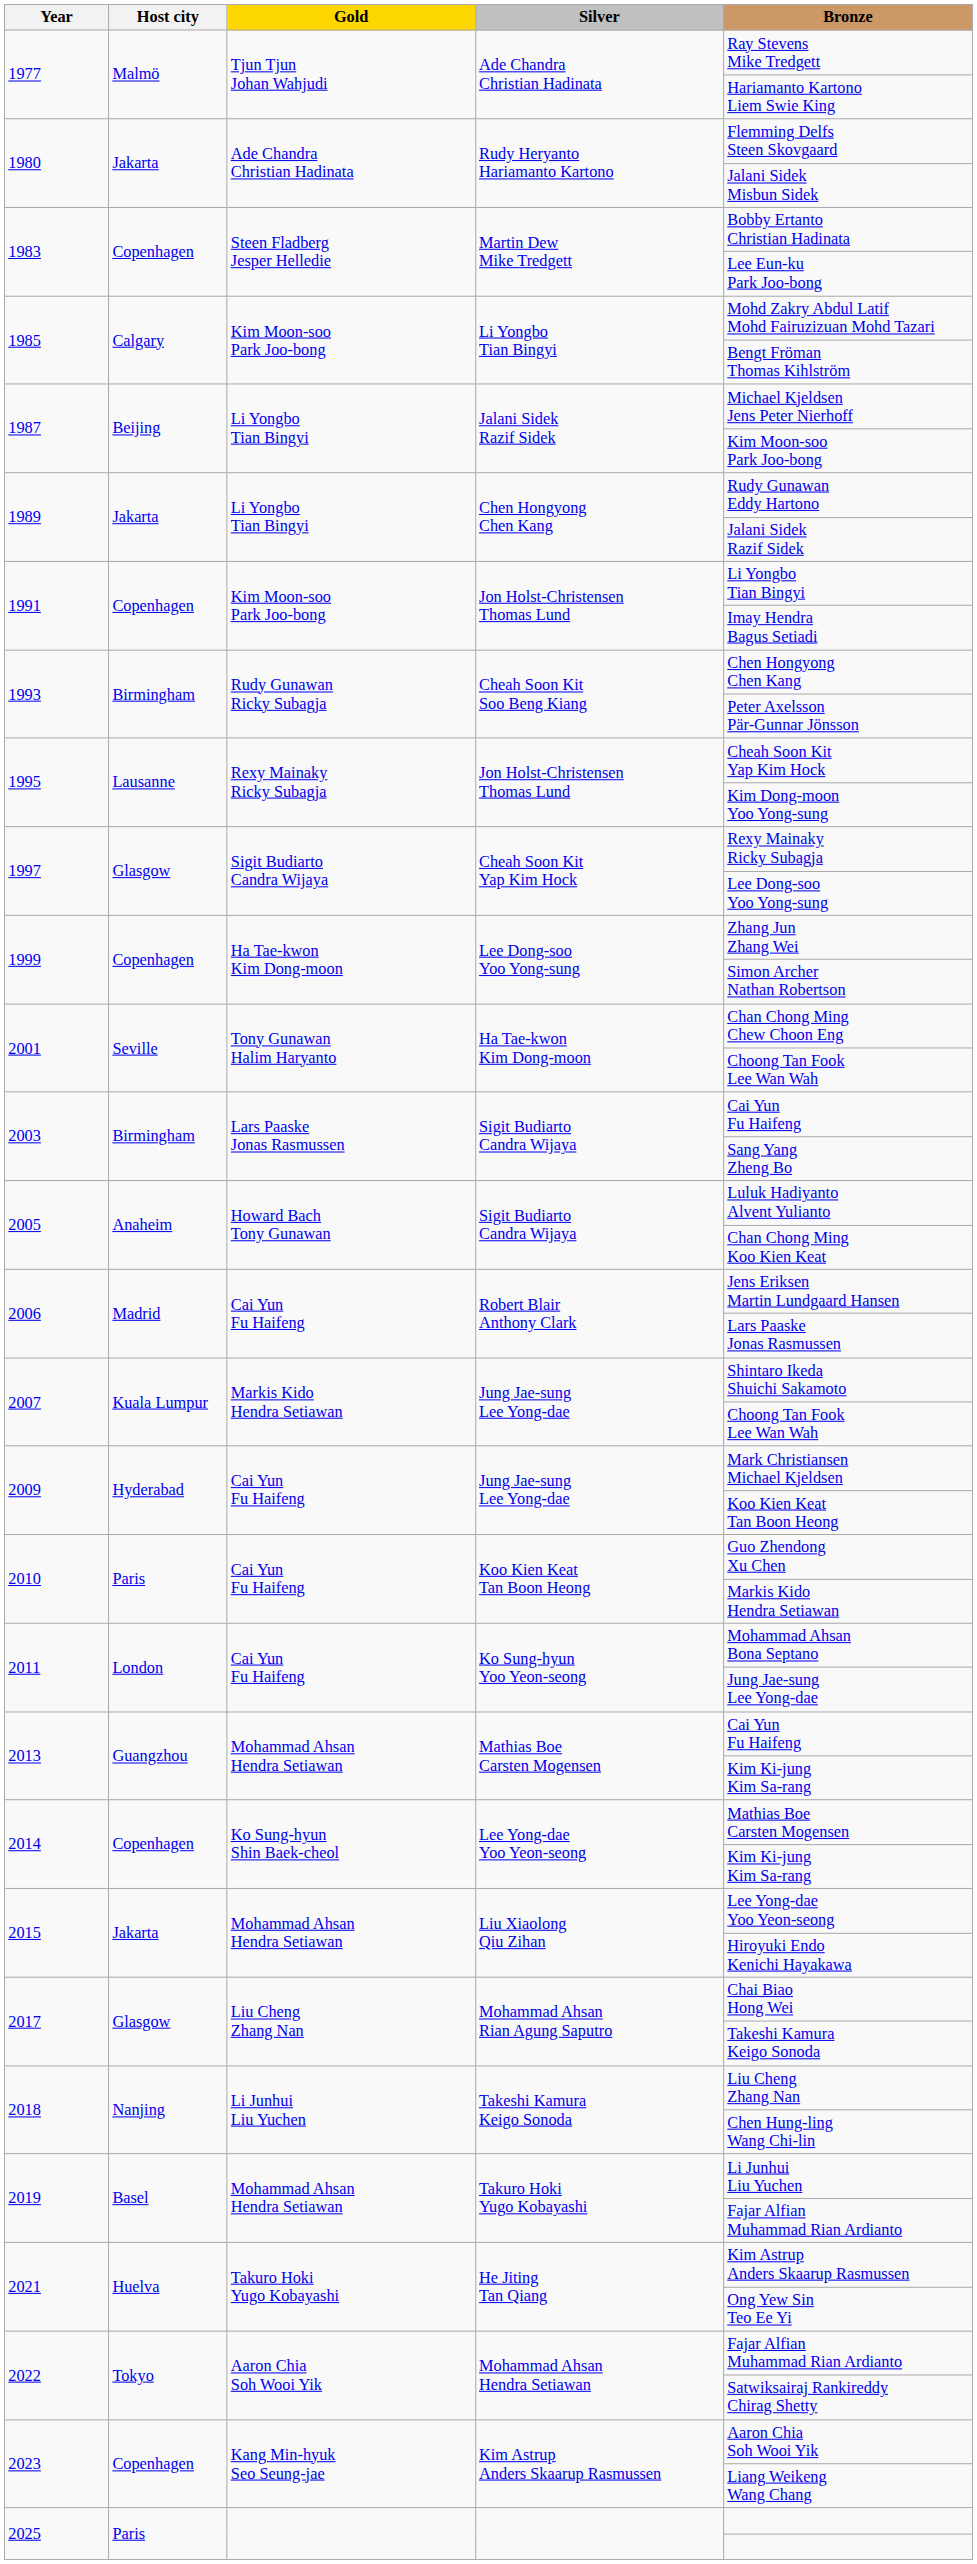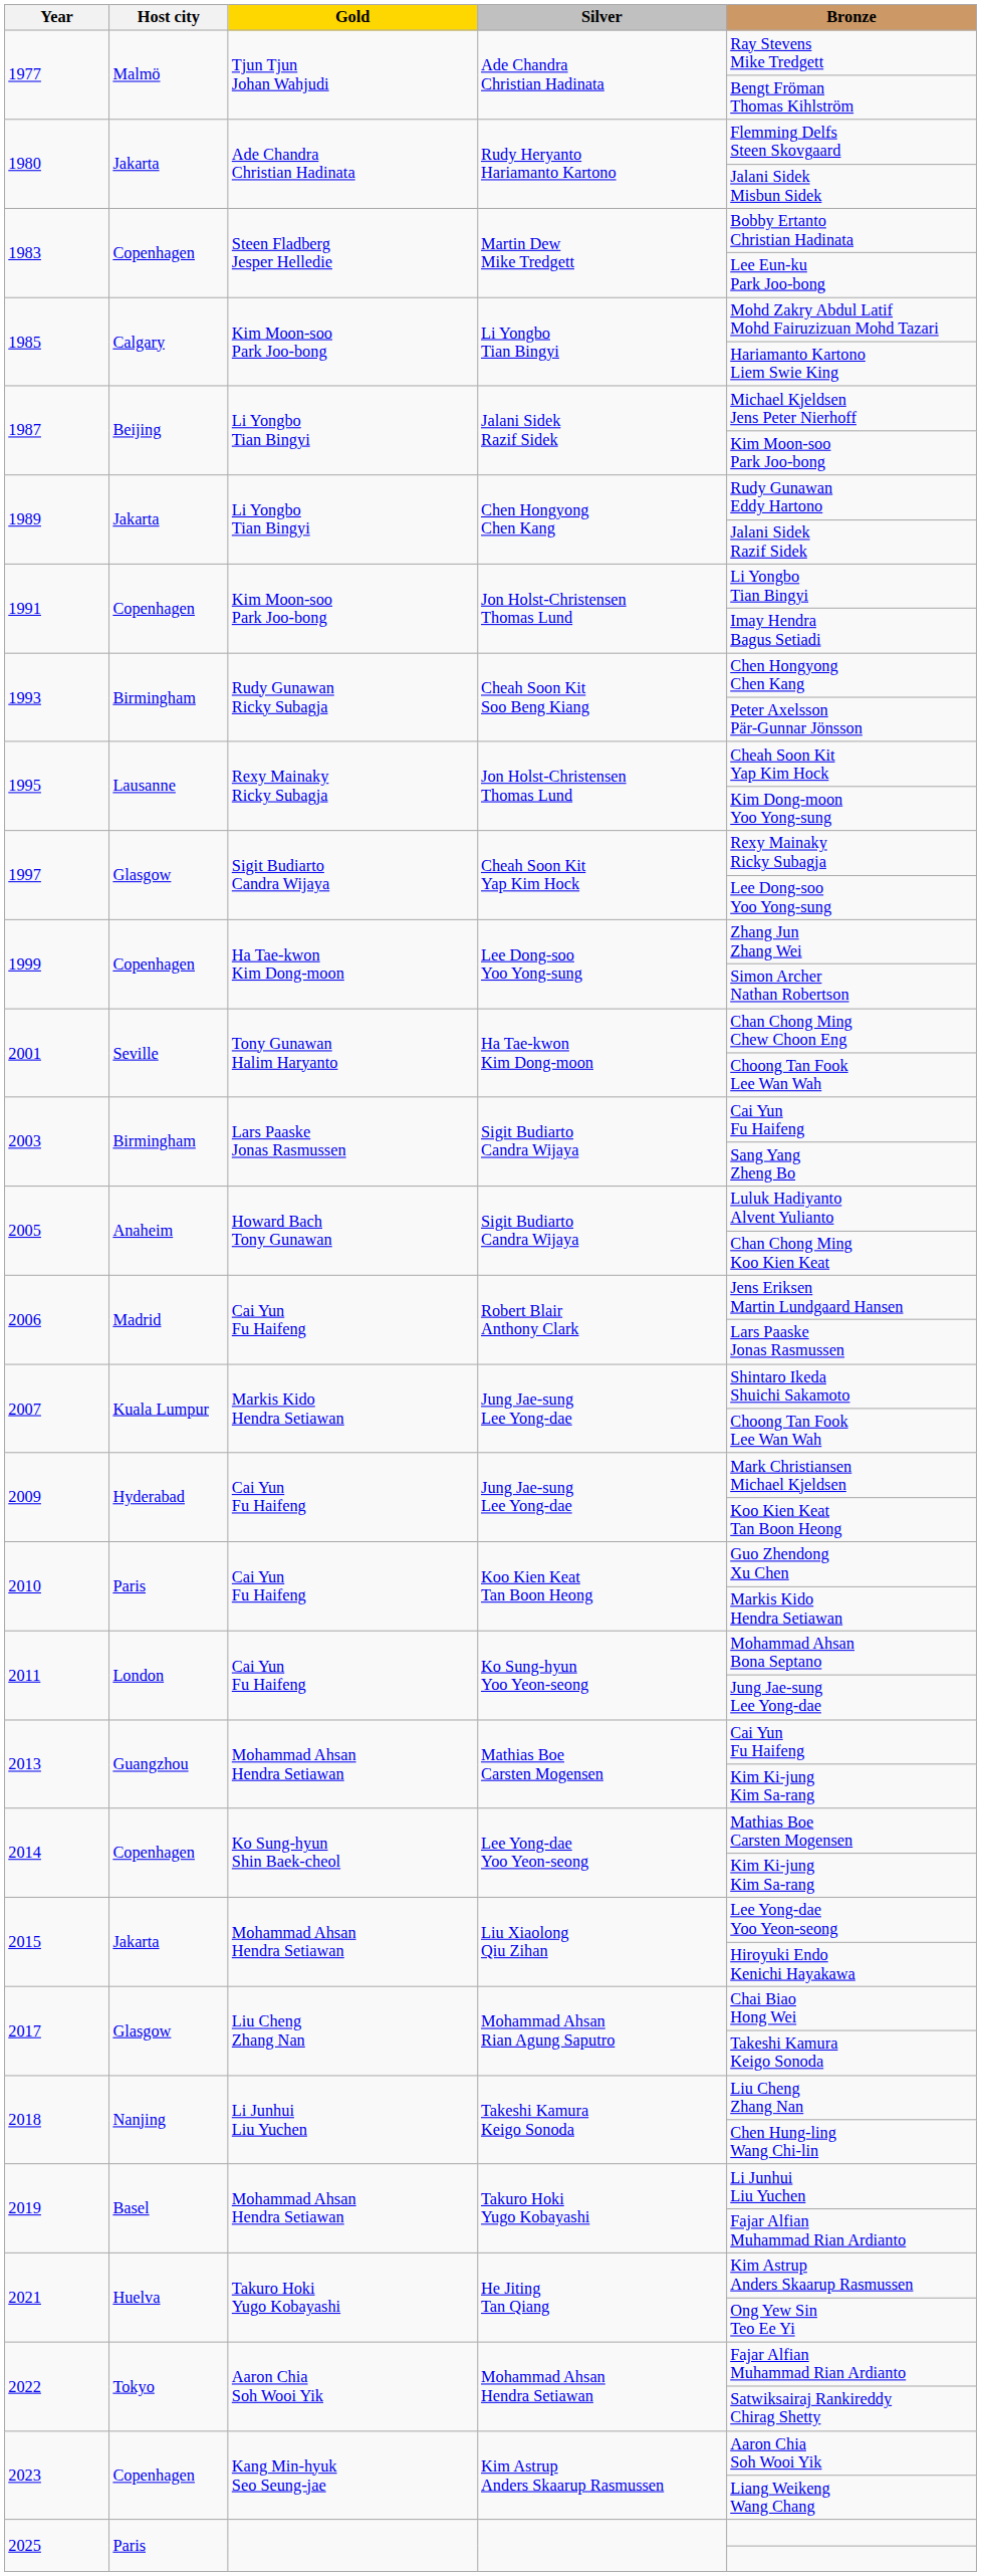 <table class="wikitable" style="text-align: left; width: 950px;">
 <tr>
 <th width="120">Year</th>
 <th width="120">Host city</th>
 <th width="300" style="background-color: gold">Gold</th>
 <th width="300" style="background-color: silver">Silver</th>
 <th width="300" style="background-color: #cc9966">Bronze</th>
 </tr>
 <tr>
 <td rowspan=2><a href='#'>1977</a></td>
 <td rowspan=2><a href='#'>Malmö</a></td>
 <td rowspan=2> <a href='#'>Tjun Tjun</a><br> <a href='#'>Johan Wahjudi</a></td>
 <td rowspan=2> <a href='#'>Ade Chandra</a><br> <a href='#'>Christian Hadinata</a></td>
 <td> <a href='#'>Ray Stevens</a><br> <a href='#'>Mike Tredgett</a></td>
 </tr>
 <tr>
-<td> <a href='#'>Hariamanto Kartono</a><br> <a href='#'>Liem Swie King</a></td>
+<td> <a href='#'>Bengt Fröman</a><br> <a href='#'>Thomas Kihlström</a></td>
 </tr>
 <tr>
 <td rowspan=2><a href='#'>1980</a></td>
 <td rowspan=2><a href='#'>Jakarta</a></td>
 <td rowspan=2> <a href='#'>Ade Chandra</a><br> <a href='#'>Christian Hadinata</a></td>
 <td rowspan=2> <a href='#'>Rudy Heryanto</a><br> <a href='#'>Hariamanto Kartono</a></td>
 <td> <a href='#'>Flemming Delfs</a><br> <a href='#'>Steen Skovgaard</a></td>
 </tr>
 <tr>
 <td> <a href='#'>Jalani Sidek</a><br> <a href='#'>Misbun Sidek</a></td>
 </tr>
 <tr>
 <td rowspan=2><a href='#'>1983</a></td>
 <td rowspan=2><a href='#'>Copenhagen</a></td>
 <td rowspan=2> <a href='#'>Steen Fladberg</a><br> <a href='#'>Jesper Helledie</a></td>
 <td rowspan=2> <a href='#'>Martin Dew</a><br> <a href='#'>Mike Tredgett</a></td>
 <td> <a href='#'>Bobby Ertanto</a><br> <a href='#'>Christian Hadinata</a></td>
 </tr>
 <tr>
 <td> <a href='#'>Lee Eun-ku</a><br> <a href='#'>Park Joo-bong</a></td>
 </tr>
 <tr>
 <td rowspan=2><a href='#'>1985</a></td>
 <td rowspan=2><a href='#'>Calgary</a></td>
 <td rowspan=2> <a href='#'>Kim Moon-soo</a><br> <a href='#'>Park Joo-bong</a></td>
 <td rowspan=2> <a href='#'>Li Yongbo</a><br> <a href='#'>Tian Bingyi</a></td>
 <td> <a href='#'>Mohd Zakry Abdul Latif</a><br> <a href='#'>Mohd Fairuzizuan Mohd Tazari</a></td>
 </tr>
 <tr>
-<td> <a href='#'>Bengt Fröman</a><br> <a href='#'>Thomas Kihlström</a></td>
+<td> <a href='#'>Hariamanto Kartono</a><br> <a href='#'>Liem Swie King</a></td>
 </tr>
 <tr>
 <td rowspan=2><a href='#'>1987</a></td>
 <td rowspan=2><a href='#'>Beijing</a></td>
 <td rowspan=2> <a href='#'>Li Yongbo</a><br> <a href='#'>Tian Bingyi</a></td>
 <td rowspan=2> <a href='#'>Jalani Sidek</a><br> <a href='#'>Razif Sidek</a></td>
 <td> <a href='#'>Michael Kjeldsen</a><br> <a href='#'>Jens Peter Nierhoff</a></td>
 </tr>
 <tr>
 <td> <a href='#'>Kim Moon-soo</a><br> <a href='#'>Park Joo-bong</a></td>
 </tr>
 <tr>
 <td rowspan=2><a href='#'>1989</a></td>
 <td rowspan=2><a href='#'>Jakarta</a></td>
 <td rowspan=2> <a href='#'>Li Yongbo</a><br> <a href='#'>Tian Bingyi</a></td>
 <td rowspan=2> <a href='#'>Chen Hongyong</a><br> <a href='#'>Chen Kang</a></td>
 <td> <a href='#'>Rudy Gunawan</a><br> <a href='#'>Eddy Hartono</a></td>
 </tr>
 <tr>
 <td> <a href='#'>Jalani Sidek</a><br> <a href='#'>Razif Sidek</a></td>
 </tr>
 <tr>
 <td rowspan=2><a href='#'>1991</a></td>
 <td rowspan=2><a href='#'>Copenhagen</a></td>
 <td rowspan=2> <a href='#'>Kim Moon-soo</a><br> <a href='#'>Park Joo-bong</a></td>
 <td rowspan=2> <a href='#'>Jon Holst-Christensen</a><br> <a href='#'>Thomas Lund</a></td>
 <td> <a href='#'>Li Yongbo</a><br> <a href='#'>Tian Bingyi</a></td>
 </tr>
 <tr>
 <td> <a href='#'>Imay Hendra</a><br> <a href='#'>Bagus Setiadi</a></td>
 </tr>
 <tr>
 <td rowspan=2><a href='#'>1993</a></td>
 <td rowspan=2><a href='#'>Birmingham</a></td>
 <td rowspan=2> <a href='#'>Rudy Gunawan</a><br> <a href='#'>Ricky Subagja</a></td>
 <td rowspan=2> <a href='#'>Cheah Soon Kit</a><br> <a href='#'>Soo Beng Kiang</a></td>
 <td> <a href='#'>Chen Hongyong</a><br> <a href='#'>Chen Kang</a></td>
 </tr>
 <tr>
 <td> <a href='#'>Peter Axelsson</a><br> <a href='#'>Pär-Gunnar Jönsson</a></td>
 </tr>
 <tr>
 <td rowspan=2><a href='#'>1995</a></td>
 <td rowspan=2><a href='#'>Lausanne</a></td>
 <td rowspan=2> <a href='#'>Rexy Mainaky</a><br> <a href='#'>Ricky Subagja</a></td>
 <td rowspan=2> <a href='#'>Jon Holst-Christensen</a><br> <a href='#'>Thomas Lund</a></td>
 <td> <a href='#'>Cheah Soon Kit</a><br> <a href='#'>Yap Kim Hock</a></td>
 </tr>
 <tr>
 <td> <a href='#'>Kim Dong-moon</a><br> <a href='#'>Yoo Yong-sung</a></td>
 </tr>
 <tr>
 <td rowspan=2><a href='#'>1997</a></td>
 <td rowspan=2><a href='#'>Glasgow</a></td>
 <td rowspan=2> <a href='#'>Sigit Budiarto</a><br> <a href='#'>Candra Wijaya</a></td>
 <td rowspan=2> <a href='#'>Cheah Soon Kit</a><br> <a href='#'>Yap Kim Hock</a></td>
 <td> <a href='#'>Rexy Mainaky</a><br> <a href='#'>Ricky Subagja</a></td>
 </tr>
 <tr>
 <td> <a href='#'>Lee Dong-soo</a><br> <a href='#'>Yoo Yong-sung</a></td>
 </tr>
 <tr>
 <td rowspan=2><a href='#'>1999</a></td>
 <td rowspan=2><a href='#'>Copenhagen</a></td>
 <td rowspan=2> <a href='#'>Ha Tae-kwon</a><br> <a href='#'>Kim Dong-moon</a></td>
 <td rowspan=2> <a href='#'>Lee Dong-soo</a><br> <a href='#'>Yoo Yong-sung</a></td>
 <td> <a href='#'>Zhang Jun</a><br> <a href='#'>Zhang Wei</a></td>
 </tr>
 <tr>
 <td> <a href='#'>Simon Archer</a><br> <a href='#'>Nathan Robertson</a></td>
 </tr>
 <tr>
 <td rowspan=2><a href='#'>2001</a></td>
 <td rowspan=2><a href='#'>Seville</a></td>
 <td rowspan=2> <a href='#'>Tony Gunawan</a><br> <a href='#'>Halim Haryanto</a></td>
 <td rowspan=2> <a href='#'>Ha Tae-kwon</a><br> <a href='#'>Kim Dong-moon</a></td>
 <td> <a href='#'>Chan Chong Ming</a><br> <a href='#'>Chew Choon Eng</a></td>
 </tr>
 <tr>
 <td> <a href='#'>Choong Tan Fook</a><br> <a href='#'>Lee Wan Wah</a></td>
 </tr>
 <tr>
 <td rowspan=2><a href='#'>2003</a></td>
 <td rowspan=2><a href='#'>Birmingham</a></td>
 <td rowspan=2> <a href='#'>Lars Paaske</a><br> <a href='#'>Jonas Rasmussen</a></td>
 <td rowspan=2> <a href='#'>Sigit Budiarto</a><br> <a href='#'>Candra Wijaya</a></td>
 <td> <a href='#'>Cai Yun</a><br> <a href='#'>Fu Haifeng</a></td>
 </tr>
 <tr>
 <td> <a href='#'>Sang Yang</a><br> <a href='#'>Zheng Bo</a></td>
 </tr>
 <tr>
 <td rowspan=2><a href='#'>2005</a></td>
 <td rowspan=2><a href='#'>Anaheim</a></td>
 <td rowspan=2> <a href='#'>Howard Bach</a><br> <a href='#'>Tony Gunawan</a></td>
 <td rowspan=2> <a href='#'>Sigit Budiarto</a><br> <a href='#'>Candra Wijaya</a></td>
 <td> <a href='#'>Luluk Hadiyanto</a><br> <a href='#'>Alvent Yulianto</a></td>
 </tr>
 <tr>
 <td> <a href='#'>Chan Chong Ming</a><br> <a href='#'>Koo Kien Keat</a></td>
 </tr>
 <tr>
 <td rowspan=2><a href='#'>2006</a></td>
 <td rowspan=2><a href='#'>Madrid</a></td>
 <td rowspan=2> <a href='#'>Cai Yun</a><br> <a href='#'>Fu Haifeng</a></td>
 <td rowspan=2> <a href='#'>Robert Blair</a><br> <a href='#'>Anthony Clark</a></td>
 <td> <a href='#'>Jens Eriksen</a><br> <a href='#'>Martin Lundgaard Hansen</a></td>
 </tr>
 <tr>
 <td> <a href='#'>Lars Paaske</a><br> <a href='#'>Jonas Rasmussen</a></td>
 </tr>
 <tr>
 <td rowspan=2><a href='#'>2007</a></td>
 <td rowspan=2><a href='#'>Kuala Lumpur</a></td>
 <td rowspan=2> <a href='#'>Markis Kido</a><br> <a href='#'>Hendra Setiawan</a></td>
 <td rowspan=2> <a href='#'>Jung Jae-sung</a><br> <a href='#'>Lee Yong-dae</a></td>
 <td> <a href='#'>Shintaro Ikeda</a><br> <a href='#'>Shuichi Sakamoto</a></td>
 </tr>
 <tr>
 <td> <a href='#'>Choong Tan Fook</a><br> <a href='#'>Lee Wan Wah</a></td>
 </tr>
 <tr>
 <td rowspan=2><a href='#'>2009</a></td>
 <td rowspan=2><a href='#'>Hyderabad</a></td>
 <td rowspan=2> <a href='#'>Cai Yun</a><br> <a href='#'>Fu Haifeng</a></td>
 <td rowspan=2> <a href='#'>Jung Jae-sung</a><br> <a href='#'>Lee Yong-dae</a></td>
 <td> <a href='#'>Mark Christiansen</a><br> <a href='#'>Michael Kjeldsen</a></td>
 </tr>
 <tr>
 <td> <a href='#'>Koo Kien Keat</a><br> <a href='#'>Tan Boon Heong</a></td>
 </tr>
 <tr>
 <td rowspan=2><a href='#'>2010</a></td>
 <td rowspan=2><a href='#'>Paris</a></td>
 <td rowspan=2> <a href='#'>Cai Yun</a><br> <a href='#'>Fu Haifeng</a></td>
 <td rowspan=2> <a href='#'>Koo Kien Keat</a><br> <a href='#'>Tan Boon Heong</a></td>
 <td> <a href='#'>Guo Zhendong</a><br> <a href='#'>Xu Chen</a></td>
 </tr>
 <tr>
 <td> <a href='#'>Markis Kido</a><br> <a href='#'>Hendra Setiawan</a></td>
 </tr>
 <tr>
 <td rowspan=2><a href='#'>2011</a></td>
 <td rowspan=2><a href='#'>London</a></td>
 <td rowspan=2> <a href='#'>Cai Yun</a><br> <a href='#'>Fu Haifeng</a></td>
 <td rowspan=2> <a href='#'>Ko Sung-hyun</a><br> <a href='#'>Yoo Yeon-seong</a></td>
 <td> <a href='#'>Mohammad Ahsan</a><br> <a href='#'>Bona Septano</a></td>
 </tr>
 <tr>
 <td> <a href='#'>Jung Jae-sung</a><br> <a href='#'>Lee Yong-dae</a></td>
 </tr>
 <tr>
 <td rowspan=2><a href='#'>2013</a></td>
 <td rowspan=2><a href='#'>Guangzhou</a></td>
 <td rowspan=2> <a href='#'>Mohammad Ahsan</a><br> <a href='#'>Hendra Setiawan</a></td>
 <td rowspan=2> <a href='#'>Mathias Boe</a><br> <a href='#'>Carsten Mogensen</a></td>
 <td> <a href='#'>Cai Yun</a><br> <a href='#'>Fu Haifeng</a></td>
 </tr>
 <tr>
 <td> <a href='#'>Kim Ki-jung</a><br> <a href='#'>Kim Sa-rang</a></td>
 </tr>
 <tr>
 <td rowspan=2><a href='#'>2014</a></td>
 <td rowspan=2><a href='#'>Copenhagen</a></td>
 <td rowspan=2> <a href='#'>Ko Sung-hyun</a><br> <a href='#'>Shin Baek-cheol</a></td>
 <td rowspan=2> <a href='#'>Lee Yong-dae</a><br> <a href='#'>Yoo Yeon-seong</a></td>
 <td> <a href='#'>Mathias Boe</a><br> <a href='#'>Carsten Mogensen</a></td>
 </tr>
 <tr>
 <td> <a href='#'>Kim Ki-jung</a><br> <a href='#'>Kim Sa-rang</a></td>
 </tr>
 <tr>
 <td rowspan=2><a href='#'>2015</a></td>
 <td rowspan=2><a href='#'>Jakarta</a></td>
 <td rowspan=2> <a href='#'>Mohammad Ahsan</a><br> <a href='#'>Hendra Setiawan</a></td>
 <td rowspan=2> <a href='#'>Liu Xiaolong</a><br> <a href='#'>Qiu Zihan</a></td>
 <td> <a href='#'>Lee Yong-dae</a><br> <a href='#'>Yoo Yeon-seong</a></td>
 </tr>
 <tr>
 <td> <a href='#'>Hiroyuki Endo</a><br> <a href='#'>Kenichi Hayakawa</a></td>
 </tr>
 <tr>
 <td rowspan=2><a href='#'>2017</a></td>
 <td rowspan=2><a href='#'>Glasgow</a></td>
 <td rowspan=2> <a href='#'>Liu Cheng</a><br> <a href='#'>Zhang Nan</a></td>
 <td rowspan=2> <a href='#'>Mohammad Ahsan</a><br> <a href='#'>Rian Agung Saputro</a></td>
 <td> <a href='#'>Chai Biao</a><br> <a href='#'>Hong Wei</a></td>
 </tr>
 <tr>
 <td> <a href='#'>Takeshi Kamura</a><br> <a href='#'>Keigo Sonoda</a></td>
 </tr>
 <tr>
 <td rowspan=2><a href='#'>2018</a></td>
 <td rowspan=2><a href='#'>Nanjing</a></td>
 <td rowspan=2> <a href='#'>Li Junhui</a><br> <a href='#'>Liu Yuchen</a></td>
 <td rowspan=2> <a href='#'>Takeshi Kamura</a><br> <a href='#'>Keigo Sonoda</a></td>
 <td> <a href='#'>Liu Cheng</a><br> <a href='#'>Zhang Nan</a></td>
 </tr>
 <tr>
 <td> <a href='#'>Chen Hung-ling</a><br> <a href='#'>Wang Chi-lin</a></td>
 </tr>
 <tr>
 <td rowspan=2><a href='#'>2019</a></td>
 <td rowspan=2><a href='#'>Basel</a></td>
 <td rowspan=2> <a href='#'>Mohammad Ahsan</a><br> <a href='#'>Hendra Setiawan</a></td>
 <td rowspan=2> <a href='#'>Takuro Hoki</a><br> <a href='#'>Yugo Kobayashi</a></td>
 <td> <a href='#'>Li Junhui</a><br> <a href='#'>Liu Yuchen</a></td>
 </tr>
 <tr>
 <td> <a href='#'>Fajar Alfian</a><br> <a href='#'>Muhammad Rian Ardianto</a></td>
 </tr>
 <tr>
 <td rowspan=2><a href='#'>2021</a></td>
 <td rowspan=2><a href='#'>Huelva</a></td>
 <td rowspan=2> <a href='#'>Takuro Hoki</a><br> <a href='#'>Yugo Kobayashi</a></td>
 <td rowspan=2> <a href='#'>He Jiting</a><br> <a href='#'>Tan Qiang</a></td>
 <td> <a href='#'>Kim Astrup</a><br> <a href='#'>Anders Skaarup Rasmussen</a></td>
 </tr>
 <tr>
 <td> <a href='#'>Ong Yew Sin</a><br> <a href='#'>Teo Ee Yi</a></td>
 </tr>
 <tr>
 <td rowspan=2><a href='#'>2022</a></td>
 <td rowspan=2><a href='#'>Tokyo</a></td>
 <td rowspan=2> <a href='#'>Aaron Chia</a><br> <a href='#'>Soh Wooi Yik</a></td>
 <td rowspan=2> <a href='#'>Mohammad Ahsan</a><br> <a href='#'>Hendra Setiawan</a></td>
 <td> <a href='#'>Fajar Alfian</a><br> <a href='#'>Muhammad Rian Ardianto</a></td>
 </tr>
 <tr>
 <td> <a href='#'>Satwiksairaj Rankireddy</a><br> <a href='#'>Chirag Shetty</a></td>
 </tr>
 <tr>
 <td rowspan=2><a href='#'>2023</a></td>
 <td rowspan=2><a href='#'>Copenhagen</a></td>
 <td rowspan=2> <a href='#'>Kang Min-hyuk</a><br> <a href='#'>Seo Seung-jae</a></td>
 <td rowspan=2> <a href='#'>Kim Astrup</a><br> <a href='#'>Anders Skaarup Rasmussen</a></td>
 <td> <a href='#'>Aaron Chia</a><br> <a href='#'>Soh Wooi Yik</a></td>
 </tr>
 <tr>
 <td> <a href='#'>Liang Weikeng</a><br> <a href='#'>Wang Chang</a></td>
 </tr>
 <tr>
 <td rowspan=2><a href='#'>2025</a></td>
 <td rowspan=2><a href='#'>Paris</a></td>
 <td rowspan=2> <br></td>
 <td rowspan=2> <br></td>
 <td> <br></td>
 </tr>
 <tr>
 <td> <br></td>
 </tr>
 <tr>
 </tr>
 </table>
